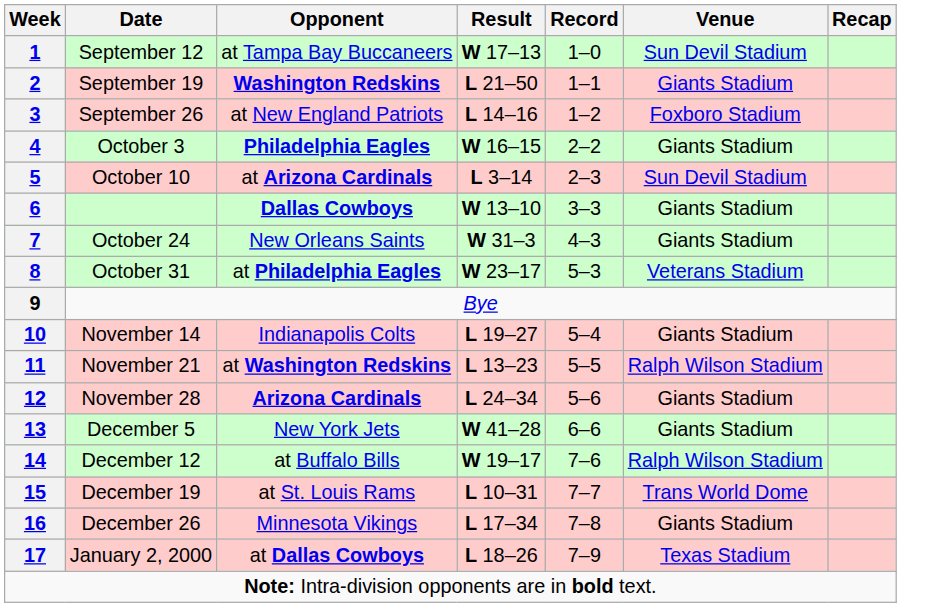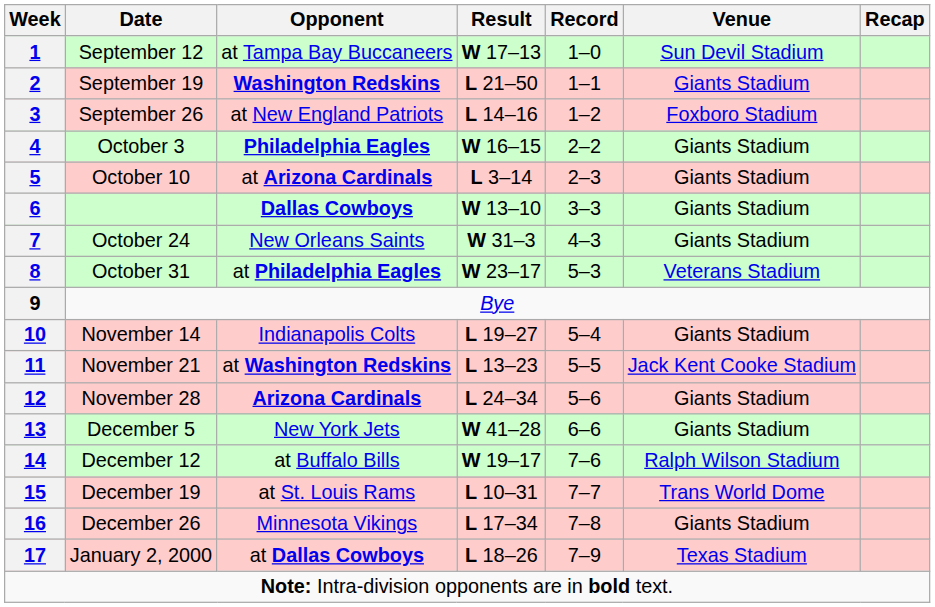 <table class="wikitable" style="text-align:center">
 <tr>
 <th>Week</th>
 <th>Date</th>
 <th>Opponent</th>
 <th>Result</th>
 <th>Record</th>
 <th>Venue</th>
 <th>Recap</th>
 </tr>
 <tr style="background:#cfc">
 <th><a href='#'>1</a></th>
 <td>September 12</td>
 <td>at <a href='#'>Tampa Bay Buccaneers</a></td>
 <td><strong>W</strong> 17–13</td>
 <td>1–0</td>
 <td><a href='#'>Sun Devil Stadium</a></td>
 <td></td>
 </tr>
 <tr style="background:#fcc">
 <th><a href='#'>2</a></th>
 <td>September 19</td>
 <td><strong><a href='#'>Washington Redskins</a></strong></td>
 <td><strong>L</strong> 21–50</td>
 <td>1–1</td>
 <td><a href='#'>Giants Stadium</a></td>
 <td></td>
 </tr>
 <tr style="background:#fcc">
 <th><a href='#'>3</a></th>
 <td>September 26</td>
 <td>at <a href='#'>New England Patriots</a></td>
 <td><strong>L</strong> 14–16</td>
 <td>1–2</td>
 <td><a href='#'>Foxboro Stadium</a></td>
 <td></td>
 </tr>
 <tr style="background:#cfc">
 <th><a href='#'>4</a></th>
 <td>October 3</td>
 <td><strong><a href='#'>Philadelphia Eagles</a></strong></td>
 <td><strong>W</strong> 16–15</td>
 <td>2–2</td>
 <td>Giants Stadium</td>
 <td></td>
 </tr>
 <tr style="background:#fcc">
 <th><a href='#'>5</a></th>
 <td>October 10</td>
 <td>at <strong><a href='#'>Arizona Cardinals</a></strong></td>
 <td><strong>L</strong> 3–14</td>
 <td>2–3</td>
-<td><a href='#'>Sun Devil Stadium</a></td>
+<td>Giants Stadium</td>
 <td></td>
 </tr>
 <tr style="background:#cfc">
 <th><a href='#'>6</a></th>
 <td></td>
 <td><strong><a href='#'>Dallas Cowboys</a></strong></td>
 <td><strong>W</strong> 13–10</td>
 <td>3–3</td>
 <td>Giants Stadium</td>
 <td></td>
 </tr>
 <tr style="background:#cfc">
 <th><a href='#'>7</a></th>
 <td>October 24</td>
 <td><a href='#'>New Orleans Saints</a></td>
 <td><strong>W</strong> 31–3</td>
 <td>4–3</td>
 <td>Giants Stadium</td>
 <td></td>
 </tr>
 <tr style="background:#cfc">
 <th><a href='#'>8</a></th>
 <td>October 31</td>
 <td>at <strong><a href='#'>Philadelphia Eagles</a></strong></td>
 <td><strong>W</strong> 23–17 </td>
 <td>5–3</td>
 <td><a href='#'>Veterans Stadium</a></td>
 <td></td>
 </tr>
 <tr>
 <th>9</th>
 <td colspan="6"><em><a href='#'>Bye</a></em></td>
 </tr>
 <tr style="background:#fcc">
 <th><a href='#'>10</a></th>
 <td>November 14</td>
 <td><a href='#'>Indianapolis Colts</a></td>
 <td><strong>L</strong> 19–27</td>
 <td>5–4</td>
 <td>Giants Stadium</td>
 <td></td>
 </tr>
 <tr style="background:#fcc">
 <th><a href='#'>11</a></th>
 <td>November 21</td>
 <td>at <strong><a href='#'>Washington Redskins</a></strong></td>
 <td><strong>L</strong> 13–23</td>
 <td>5–5</td>
-<td><a href='#'>Ralph Wilson Stadium</a></td>
+<td><a href='#'>Jack Kent Cooke Stadium</a></td>
 <td></td>
 </tr>
 <tr style="background:#fcc">
 <th><a href='#'>12</a></th>
 <td>November 28</td>
 <td><strong><a href='#'>Arizona Cardinals</a></strong></td>
 <td><strong>L</strong> 24–34</td>
 <td>5–6</td>
 <td>Giants Stadium</td>
 <td></td>
 </tr>
 <tr style="background:#cfc">
 <th><a href='#'>13</a></th>
 <td>December 5</td>
 <td><a href='#'>New York Jets</a></td>
 <td><strong>W</strong> 41–28</td>
 <td>6–6</td>
 <td>Giants Stadium</td>
 <td></td>
 </tr>
 <tr style="background:#cfc">
 <th><a href='#'>14</a></th>
 <td>December 12</td>
 <td>at <a href='#'>Buffalo Bills</a></td>
 <td><strong>W</strong> 19–17</td>
 <td>7–6</td>
 <td><a href='#'>Ralph Wilson Stadium</a></td>
 <td></td>
 </tr>
 <tr style="background:#fcc">
 <th><a href='#'>15</a></th>
 <td>December 19</td>
 <td>at <a href='#'>St. Louis Rams</a></td>
 <td><strong>L</strong> 10–31</td>
 <td>7–7</td>
 <td><a href='#'>Trans World Dome</a></td>
 <td></td>
 </tr>
 <tr style="background:#fcc">
 <th><a href='#'>16</a></th>
 <td>December 26</td>
 <td><a href='#'>Minnesota Vikings</a></td>
 <td><strong>L</strong> 17–34</td>
 <td>7–8</td>
 <td>Giants Stadium</td>
 <td></td>
 </tr>
 <tr style="background:#fcc">
 <th><a href='#'>17</a></th>
 <td>January 2, 2000</td>
 <td>at <strong><a href='#'>Dallas Cowboys</a></strong></td>
 <td><strong>L</strong> 18–26</td>
 <td>7–9</td>
 <td><a href='#'>Texas Stadium</a></td>
 <td></td>
 </tr>
 <tr>
 <td colspan="8"><strong>Note:</strong> Intra-division opponents are in <strong>bold</strong> text.</td>
 </tr>
 </table>
